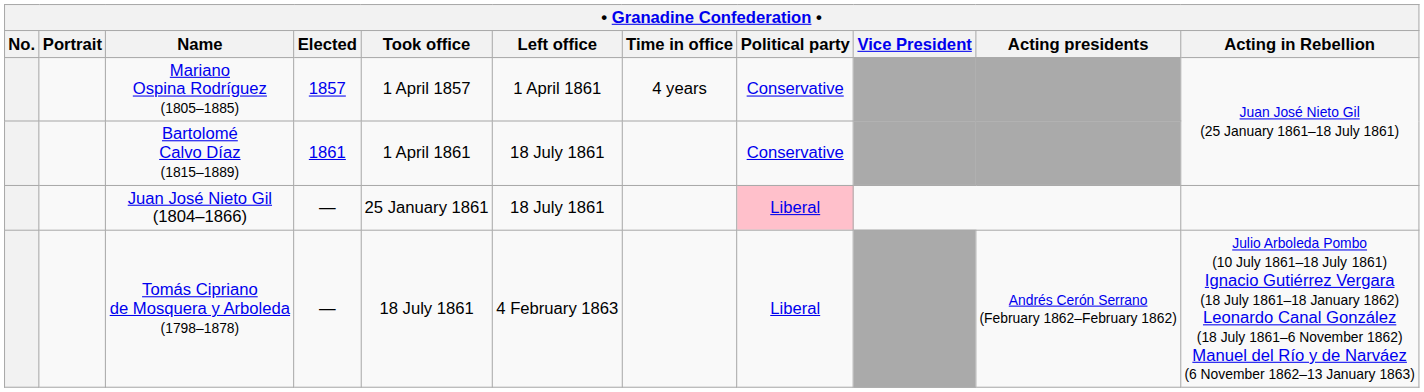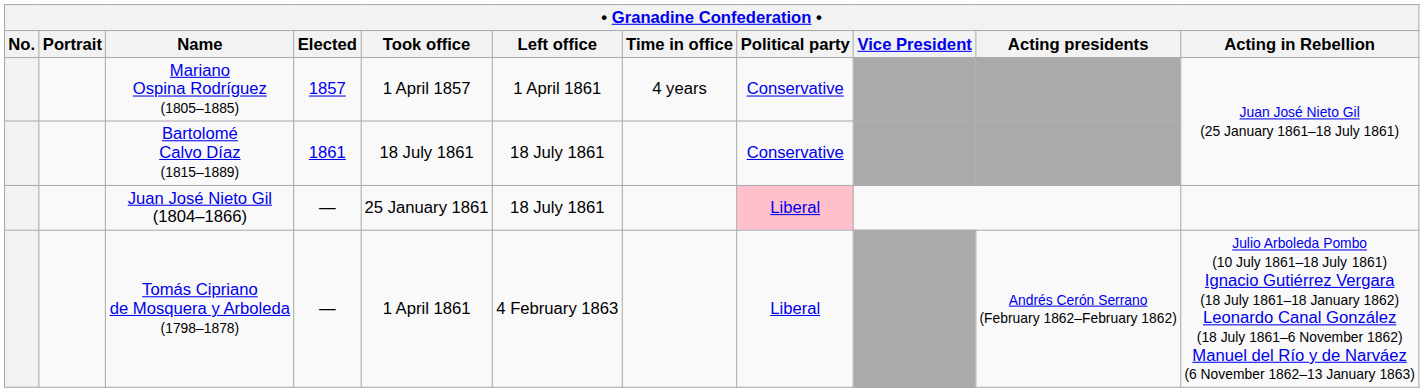 <table class="wikitable" style="text-align: center;">
 <tr>
 <th colspan="11"> • <a href='#'>Granadine Confederation</a> • </th>
 </tr>
 <tr>
 <th>No.<br></th>
 <th>Portrait</th>
 <th>Name<br></th>
 <th>Elected</th>
 <th>Took office</th>
 <th>Left office</th>
 <th><strong>Time in office</strong></th>
 <th>Political party</th>
 <th><a href='#'>Vice President</a></th>
 <th>Acting presidents</th>
 <th>Acting in Rebellion</th>
 </tr>
 <tr>
 <th style="background:"></th>
 <td></td>
 <td><a href='#'>Mariano<br>Ospina Rodríguez</a><br><small>(1805–1885)</small><br></td>
 <td><a href='#'>1857</a></td>
 <td>1 April 1857</td>
 <td>1 April 1861</td>
 <td>4 years</td>
 <td><a href='#'>Conservative</a></td>
 <td bgcolor=#aaaaaa></td>
 <td bgcolor=#aaaaaa></td>
 <td rowspan=2><small><a href='#'>Juan José Nieto Gil</a><br>(25 January 1861–18 July 1861)</small></td>
 </tr>
 <tr>
 <th style="background:"></th>
 <td></td>
 <td><a href='#'>Bartolomé<br>Calvo Díaz</a><br><small>(1815–1889)</small><br></td>
 <td><a href='#'>1861</a></td>
-<td>1 April 1861</td>
+<td>18 July 1861<br></td>
 <td>18 July 1861</td>
 <td></td>
 <td><a href='#'>Conservative</a></td>
 <td bgcolor=#aaaaaa></td>
 <td bgcolor=#aaaaaa></td>
 </tr>
 <tr>
 <th style="background:"></th>
 <td></td>
 <td><a href='#'>Juan José Nieto Gil</a><br>(1804–1866)</td>
 <td>—</td>
 <td>25 January 1861</td>
 <td>18 July 1861</td>
 <td></td>
 <td style="background: pink;"><a href='#'>Liberal</a></td>
 <td colspan="2"></td>
 <td></td>
 </tr>
 <tr>
 <th style="background:"></th>
 <td></td>
 <td><a href='#'>Tomás Cipriano<br>de Mosquera y Arboleda</a><br><small>(1798–1878)</small><br></td>
 <td>—</td>
-<td>18 July 1861<br></td>
+<td>1 April 1861</td>
 <td>4 February 1863</td>
 <td></td>
 <td><a href='#'>Liberal</a></td>
 <td bgcolor="#aaaaaa"></td>
 <td><small><a href='#'>Andrés Cerón Serrano</a></small><br><small>(February 1862–February 1862)</small></td>
 <td><small><a href='#'>Julio Arboleda Pombo</a></small><br><small>(10 July 1861–18 July</small> <small>1861)</small><br><a href='#'>Ignacio Gutiérrez Vergara</a><br><small>(18 July 1861–18 January 1862)</small><br><a href='#'>Leonardo Canal González</a><br><small>(18 July 1861–6 November 1862)</small><br><a href='#'>Manuel del Río y de Narváez</a><br><small>(6 November 1862–13 January 1863)</small></td>
 </tr>
 </table>
